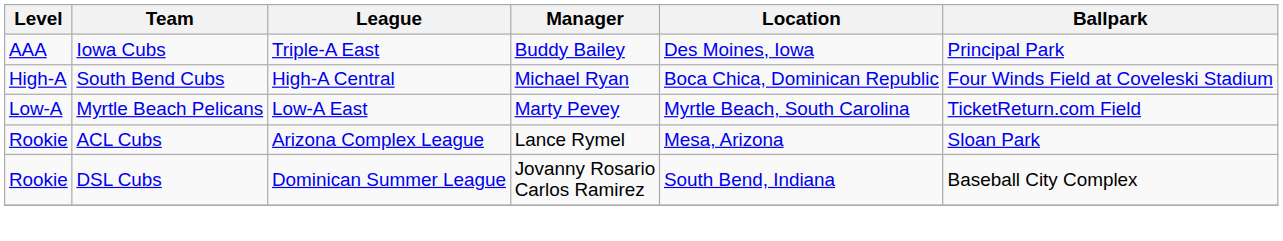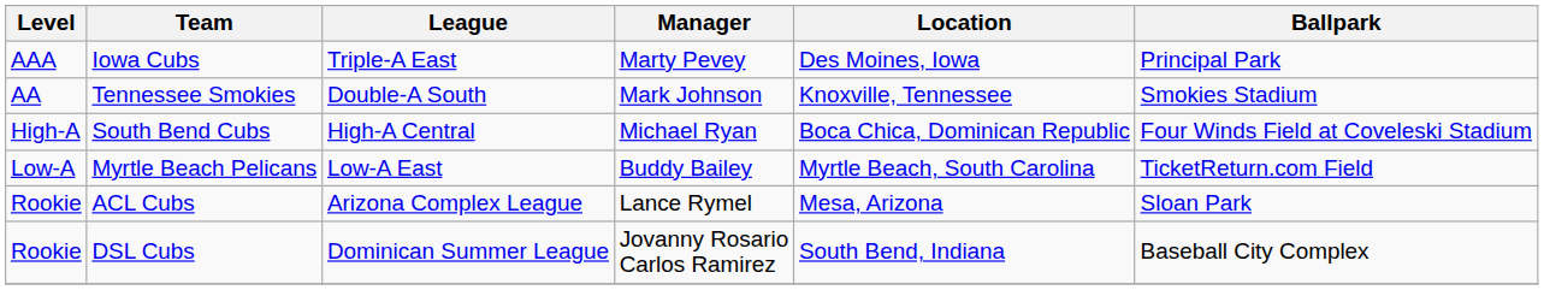 <table class="wikitable">
 <tr>
 <th style="text-align:center; ">Level</th>
 <th style="text-align:center; ">Team</th>
 <th style="text-align:center; ">League</th>
 <th style="text-align:center; ">Manager</th>
 <th style="text-align:center; ">Location</th>
 <th style="text-align:center; ">Ballpark</th>
 </tr>
 <tr>
 <td><a href='#'>AAA</a></td>
 <td><a href='#'>Iowa Cubs</a></td>
 <td><a href='#'>Triple-A East</a></td>
-<td><a href='#'>Buddy Bailey</a></td>
+<td><a href='#'>Marty Pevey</a></td>
 <td><a href='#'>Des Moines, Iowa</a></td>
 <td><a href='#'>Principal Park</a></td>
+</tr>
+<tr>
+<td><a href='#'>AA</a></td>
+<td><a href='#'>Tennessee Smokies</a></td>
+<td><a href='#'>Double-A South</a></td>
+<td><a href='#'>Mark Johnson</a></td>
+<td><a href='#'>Knoxville, Tennessee</a></td>
+<td><a href='#'>Smokies Stadium</a></td>
 </tr>
 <tr>
 <td><a href='#'>High-A</a></td>
 <td><a href='#'>South Bend Cubs</a></td>
 <td><a href='#'>High-A Central</a></td>
 <td><a href='#'>Michael Ryan</a></td>
 <td><a href='#'>Boca Chica, Dominican Republic</a></td>
 <td><a href='#'>Four Winds Field at Coveleski Stadium</a></td>
 </tr>
 <tr>
 <td><a href='#'>Low-A</a></td>
 <td><a href='#'>Myrtle Beach Pelicans</a></td>
 <td><a href='#'>Low-A East</a></td>
-<td><a href='#'>Marty Pevey</a></td>
+<td><a href='#'>Buddy Bailey</a></td>
 <td><a href='#'>Myrtle Beach, South Carolina</a></td>
 <td><a href='#'>TicketReturn.com Field</a></td>
 </tr>
 <tr>
 <td><a href='#'>Rookie</a></td>
 <td><a href='#'>ACL Cubs</a></td>
 <td><a href='#'>Arizona Complex League</a></td>
 <td>Lance Rymel</td>
 <td><a href='#'>Mesa, Arizona</a></td>
 <td><a href='#'>Sloan Park</a></td>
 </tr>
 <tr>
 <td><a href='#'>Rookie</a></td>
 <td><a href='#'>DSL Cubs</a></td>
 <td><a href='#'>Dominican Summer League</a></td>
 <td>Jovanny Rosario <br> Carlos Ramirez</td>
 <td><a href='#'>South Bend, Indiana</a></td>
 <td>Baseball City Complex</td>
 </tr>
 <tr>
 </tr>
 </table>
